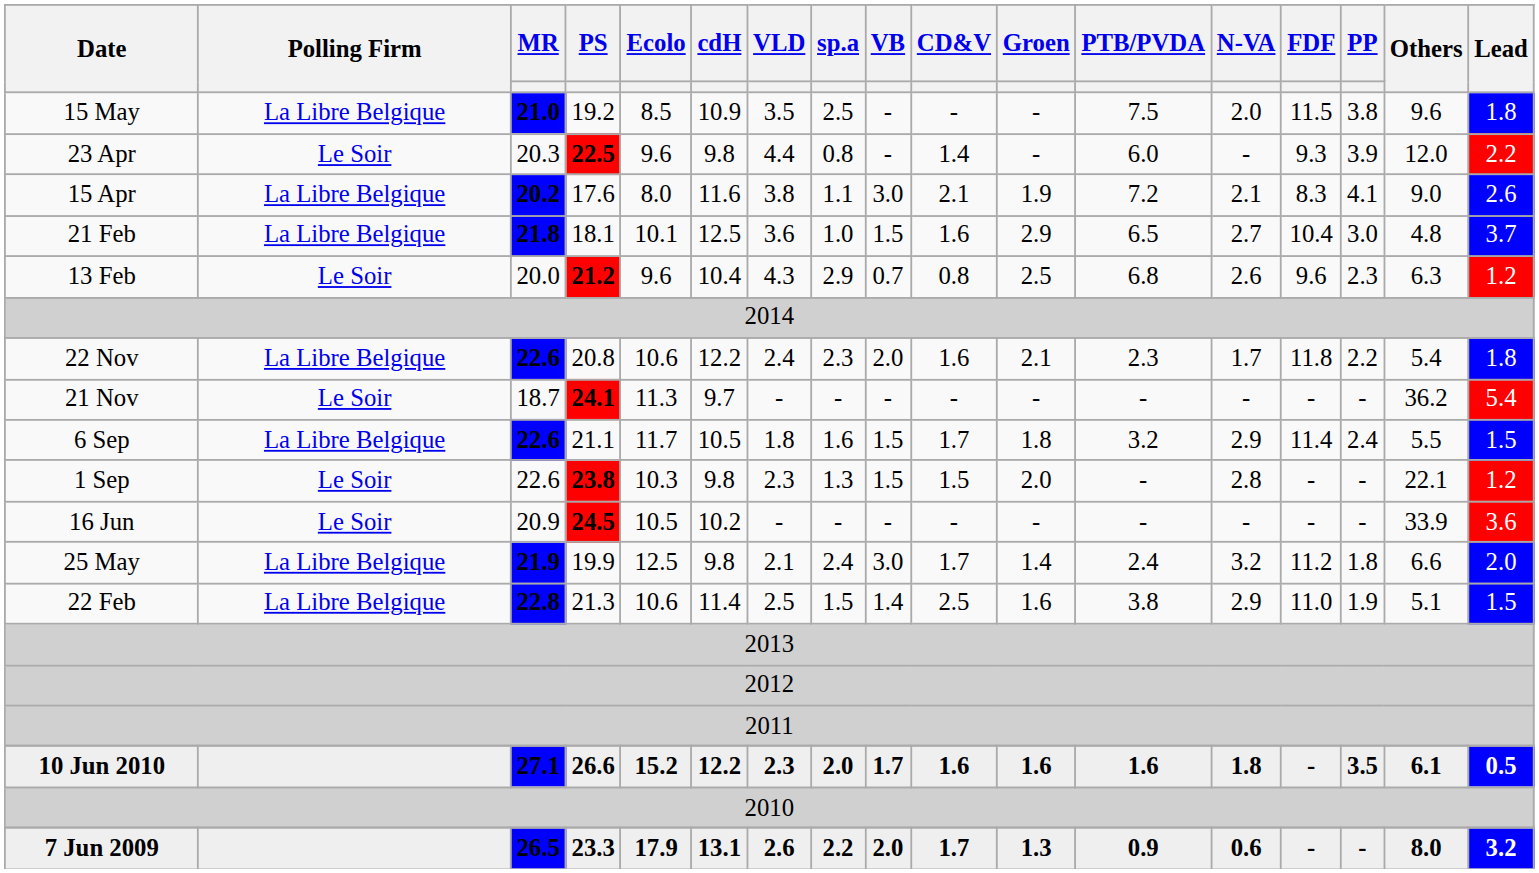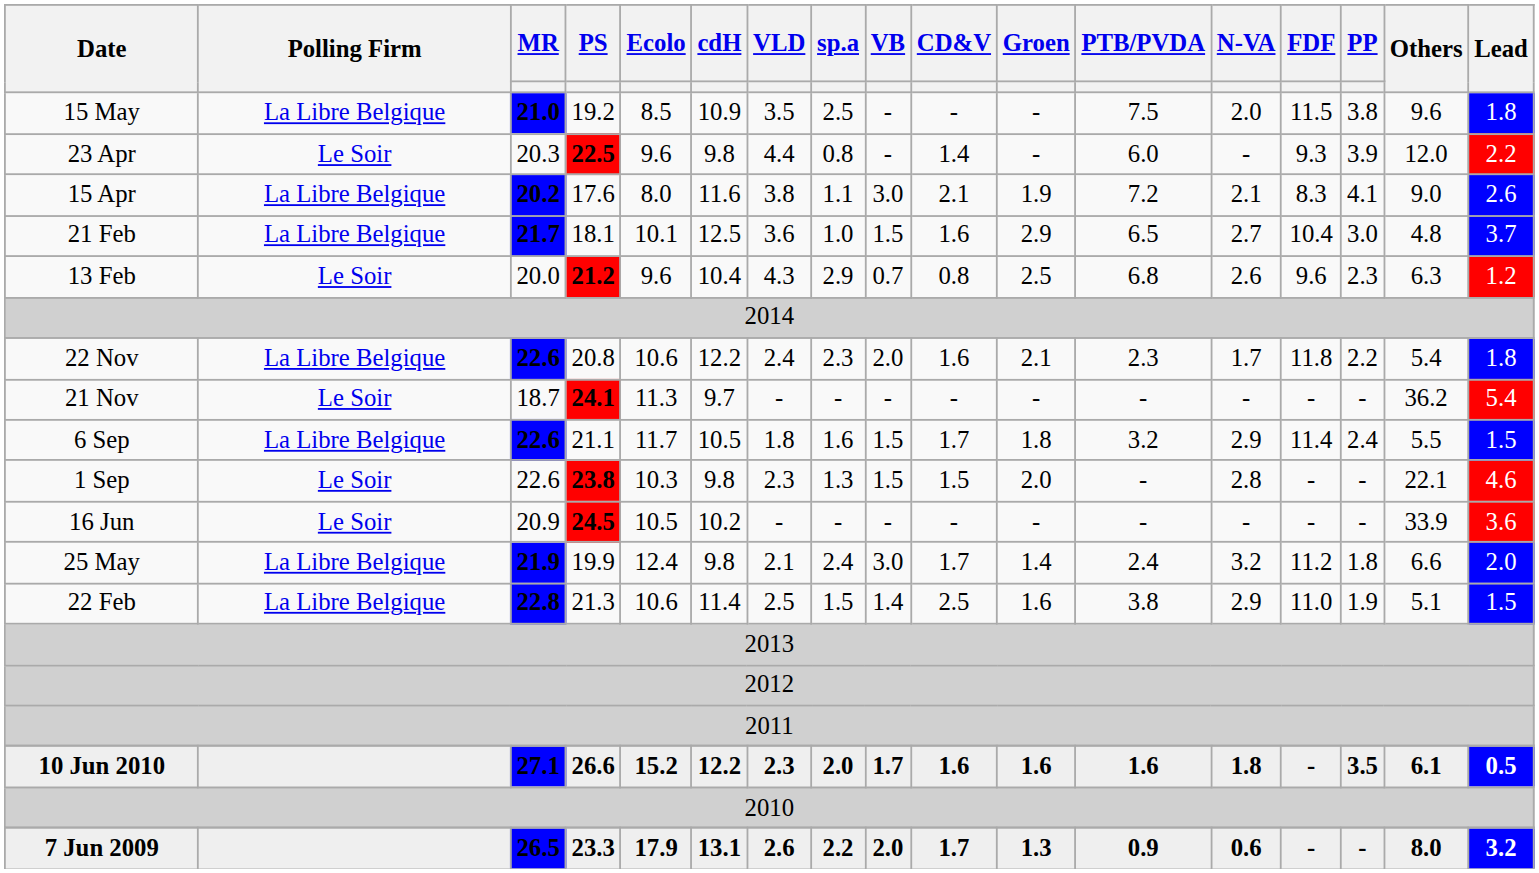 <table class="wikitable" style="text-align:center; font-size:85%; line-height:16px;">
 <tr style="height:42px;">
 <th style="width:100px;" rowspan="2">Date</th>
 <th style="width:165px;" rowspan="2">Polling Firm</th>
 <th><a href='#'><span>MR</span></a></th>
 <th><a href='#'><span>PS</span></a></th>
 <th><a href='#'><span>Ecolo</span></a></th>
 <th><a href='#'><span>cdH</span></a></th>
 <th><a href='#'><span>VLD</span></a></th>
 <th><a href='#'><span>sp.a</span></a></th>
 <th><a href='#'><span>VB</span></a></th>
 <th><a href='#'><span>CD&V</span></a></th>
 <th><a href='#'><span>Groen</span></a></th>
 <th><a href='#'><span>PTB/PVDA</span></a></th>
 <th><a href='#'><span>N-VA</span></a></th>
 <th><a href='#'><span>FDF</span></a></th>
 <th><a href='#'><span>PP</span></a></th>
 <th style="width:40px;" rowspan="2">Others</th>
 <th style="width:20px;" rowspan="2">Lead</th>
 </tr>
 <tr>
 <th style="background:"></th>
 <th style="background:"></th>
 <th style="background:"></th>
 <th style="background:"></th>
 <th style="background:"></th>
 <th style="background:"></th>
 <th style="background:"></th>
 <th style="background:"></th>
 <th style="background:"></th>
 <th style="background:"></th>
 <th style="background:"></th>
 <th style="background:"></th>
 <th style="background:"></th>
 </tr>
 <tr>
 <td>15 May</td>
 <td><a href='#'>La Libre Belgique</a></td>
 <td style="background:blue"><strong>21.0</strong></td>
 <td>19.2</td>
 <td>8.5</td>
 <td>10.9</td>
 <td>3.5</td>
 <td>2.5</td>
 <td>-</td>
 <td>-</td>
 <td>-</td>
 <td>7.5</td>
 <td>2.0</td>
 <td>11.5</td>
 <td>3.8</td>
 <td>9.6</td>
 <td style="background:blue; color:white;">1.8</td>
 </tr>
 <tr>
 <td>23 Apr</td>
 <td><a href='#'>Le Soir</a></td>
 <td>20.3</td>
 <td style="background:red"><strong>22.5</strong></td>
 <td>9.6</td>
 <td>9.8</td>
 <td>4.4</td>
 <td>0.8</td>
 <td>-</td>
 <td>1.4</td>
 <td>-</td>
 <td>6.0</td>
 <td>-</td>
 <td>9.3</td>
 <td>3.9</td>
 <td>12.0</td>
 <td style="background:red; color:white;">2.2</td>
 </tr>
 <tr>
 <td>15 Apr</td>
 <td><a href='#'>La Libre Belgique</a></td>
 <td style="background:blue"><strong>20.2</strong></td>
 <td>17.6</td>
 <td>8.0</td>
 <td>11.6</td>
 <td>3.8</td>
 <td>1.1</td>
 <td>3.0</td>
 <td>2.1</td>
 <td>1.9</td>
 <td>7.2</td>
 <td>2.1</td>
 <td>8.3</td>
 <td>4.1</td>
 <td>9.0</td>
 <td style="background:blue; color:white;">2.6</td>
 </tr>
 <tr>
 <td>21 Feb</td>
 <td><a href='#'>La Libre Belgique</a></td>
-<td style="background:blue"><strong>21.8</strong></td>
+<td style="background:blue"><strong>21.7</strong></td>
 <td>18.1</td>
 <td>10.1</td>
 <td>12.5</td>
 <td>3.6</td>
 <td>1.0</td>
 <td>1.5</td>
 <td>1.6</td>
 <td>2.9</td>
 <td>6.5</td>
 <td>2.7</td>
 <td>10.4</td>
 <td>3.0</td>
 <td>4.8</td>
 <td style="background:blue; color:white;">3.7</td>
 </tr>
 <tr>
 <td>13 Feb</td>
 <td><a href='#'>Le Soir</a></td>
 <td>20.0</td>
 <td style="background:red"><strong>21.2</strong></td>
 <td>9.6</td>
 <td>10.4</td>
 <td>4.3</td>
 <td>2.9</td>
 <td>0.7</td>
 <td>0.8</td>
 <td>2.5</td>
 <td>6.8</td>
 <td>2.6</td>
 <td>9.6</td>
 <td>2.3</td>
 <td>6.3</td>
 <td style="background:red; color:white;">1.2</td>
 </tr>
 <tr>
 <td colspan="17" style="background:#D0D0D0; color:black">2014</td>
 </tr>
 <tr>
 <td>22 Nov</td>
 <td><a href='#'>La Libre Belgique</a></td>
 <td style="background:blue"><strong>22.6</strong></td>
 <td>20.8</td>
 <td>10.6</td>
 <td>12.2</td>
 <td>2.4</td>
 <td>2.3</td>
 <td>2.0</td>
 <td>1.6</td>
 <td>2.1</td>
 <td>2.3</td>
 <td>1.7</td>
 <td>11.8</td>
 <td>2.2</td>
 <td>5.4</td>
 <td style="background:blue; color:white;">1.8</td>
 </tr>
 <tr>
 <td>21 Nov</td>
 <td><a href='#'>Le Soir</a></td>
 <td>18.7</td>
 <td style="background:red"><strong>24.1</strong></td>
 <td>11.3</td>
 <td>9.7</td>
 <td>-</td>
 <td>-</td>
 <td>-</td>
 <td>-</td>
 <td>-</td>
 <td>-</td>
 <td>-</td>
 <td>-</td>
 <td>-</td>
 <td>36.2</td>
 <td style="background:red; color:white;">5.4</td>
 </tr>
 <tr>
 <td>6 Sep</td>
 <td><a href='#'>La Libre Belgique</a></td>
 <td style="background:blue"><strong>22.6</strong></td>
 <td>21.1</td>
 <td>11.7</td>
 <td>10.5</td>
 <td>1.8</td>
 <td>1.6</td>
 <td>1.5</td>
 <td>1.7</td>
 <td>1.8</td>
 <td>3.2</td>
 <td>2.9</td>
 <td>11.4</td>
 <td>2.4</td>
 <td>5.5</td>
 <td style="background:blue; color:white;">1.5</td>
 </tr>
 <tr>
 <td>1 Sep</td>
 <td><a href='#'>Le Soir</a></td>
 <td>22.6</td>
 <td style="background:red"><strong>23.8</strong></td>
 <td>10.3</td>
 <td>9.8</td>
 <td>2.3</td>
 <td>1.3</td>
 <td>1.5</td>
 <td>1.5</td>
 <td>2.0</td>
 <td>-</td>
 <td>2.8</td>
 <td>-</td>
 <td>-</td>
 <td>22.1</td>
-<td style="background:red; color:white;">1.2</td>
+<td style="background:red; color:white;">4.6</td>
 </tr>
 <tr>
 <td>16 Jun</td>
 <td><a href='#'>Le Soir</a></td>
 <td>20.9</td>
 <td style="background:red"><strong>24.5</strong></td>
 <td>10.5</td>
 <td>10.2</td>
 <td>-</td>
 <td>-</td>
 <td>-</td>
 <td>-</td>
 <td>-</td>
 <td>-</td>
 <td>-</td>
 <td>-</td>
 <td>-</td>
 <td>33.9</td>
 <td style="background:red; color:white;">3.6</td>
 </tr>
 <tr>
 <td>25 May</td>
 <td><a href='#'>La Libre Belgique</a></td>
 <td style="background:blue"><strong>21.9</strong></td>
 <td>19.9</td>
-<td>12.5</td>
+<td>12.4</td>
 <td>9.8</td>
 <td>2.1</td>
 <td>2.4</td>
 <td>3.0</td>
 <td>1.7</td>
 <td>1.4</td>
 <td>2.4</td>
 <td>3.2</td>
 <td>11.2</td>
 <td>1.8</td>
 <td>6.6</td>
 <td style="background:blue; color:white;">2.0</td>
 </tr>
 <tr>
 <td>22 Feb</td>
 <td><a href='#'>La Libre Belgique</a></td>
 <td style="background:blue"><strong>22.8</strong></td>
 <td>21.3</td>
 <td>10.6</td>
 <td>11.4</td>
 <td>2.5</td>
 <td>1.5</td>
 <td>1.4</td>
 <td>2.5</td>
 <td>1.6</td>
 <td>3.8</td>
 <td>2.9</td>
 <td>11.0</td>
 <td>1.9</td>
 <td>5.1</td>
 <td style="background:blue; color:white;">1.5</td>
 </tr>
 <tr>
 <td colspan="17" style="background:#D0D0D0; color:black">2013</td>
 </tr>
 <tr>
 <td colspan="17" style="background:#D0D0D0; color:black">2012</td>
 </tr>
 <tr>
 <td colspan="17" style="background:#D0D0D0; color:black">2011</td>
 </tr>
 <tr>
 </tr>
 <tr style="background:#EFEFEF; font-weight:bold;">
 <td>10 Jun 2010</td>
 <td></td>
 <td style="background:blue">27.1</td>
 <td>26.6</td>
 <td>15.2</td>
 <td>12.2</td>
 <td>2.3</td>
 <td>2.0</td>
 <td>1.7</td>
 <td>1.6</td>
 <td>1.6</td>
 <td>1.6</td>
 <td>1.8</td>
 <td>-</td>
 <td>3.5</td>
 <td>6.1</td>
 <td style="background:blue; color:white;">0.5</td>
 </tr>
 <tr>
 <td colspan="17" style="background:#D0D0D0; color:black">2010</td>
 </tr>
 <tr>
 </tr>
 <tr style="background:#EFEFEF; font-weight:bold;">
 <td>7 Jun 2009</td>
 <td></td>
 <td style="background:blue">26.5</td>
 <td>23.3</td>
 <td>17.9</td>
 <td>13.1</td>
 <td>2.6</td>
 <td>2.2</td>
 <td>2.0</td>
 <td>1.7</td>
 <td>1.3</td>
 <td>0.9</td>
 <td>0.6</td>
 <td>-</td>
 <td>-</td>
 <td>8.0</td>
 <td style="background:blue; color:white;">3.2</td>
 </tr>
 </table>
